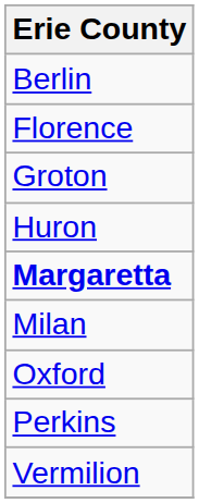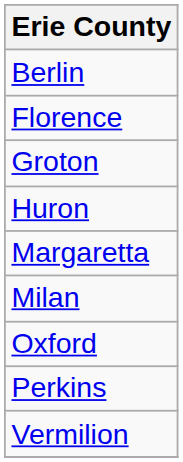 <table class="wikitable">
 <tr>
 <th>Erie County</th>
 </tr>
 <tr>
 <td><a href='#'>Berlin</a></td>
 </tr>
 <tr>
 <td><a href='#'>Florence</a></td>
 </tr>
 <tr>
 <td><a href='#'>Groton</a></td>
 </tr>
 <tr>
 <td><a href='#'>Huron</a></td>
 </tr>
 <tr>
-<td><strong><a href='#'>Margaretta</a></strong></td>
+<td><a href='#'>Margaretta</a></td>
 </tr>
 <tr>
 <td><a href='#'>Milan</a></td>
 </tr>
 <tr>
 <td><a href='#'>Oxford</a></td>
 </tr>
 <tr>
 <td><a href='#'>Perkins</a></td>
 </tr>
 <tr>
 <td><a href='#'>Vermilion</a></td>
 </tr>
 <tr>
 </tr>
 </table>
